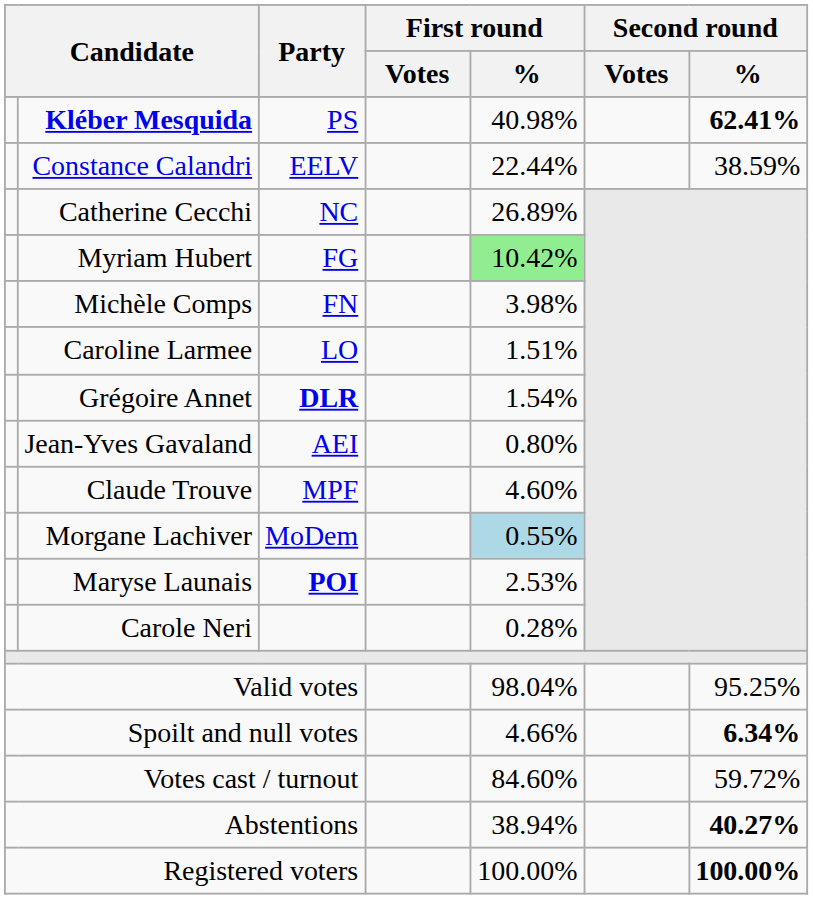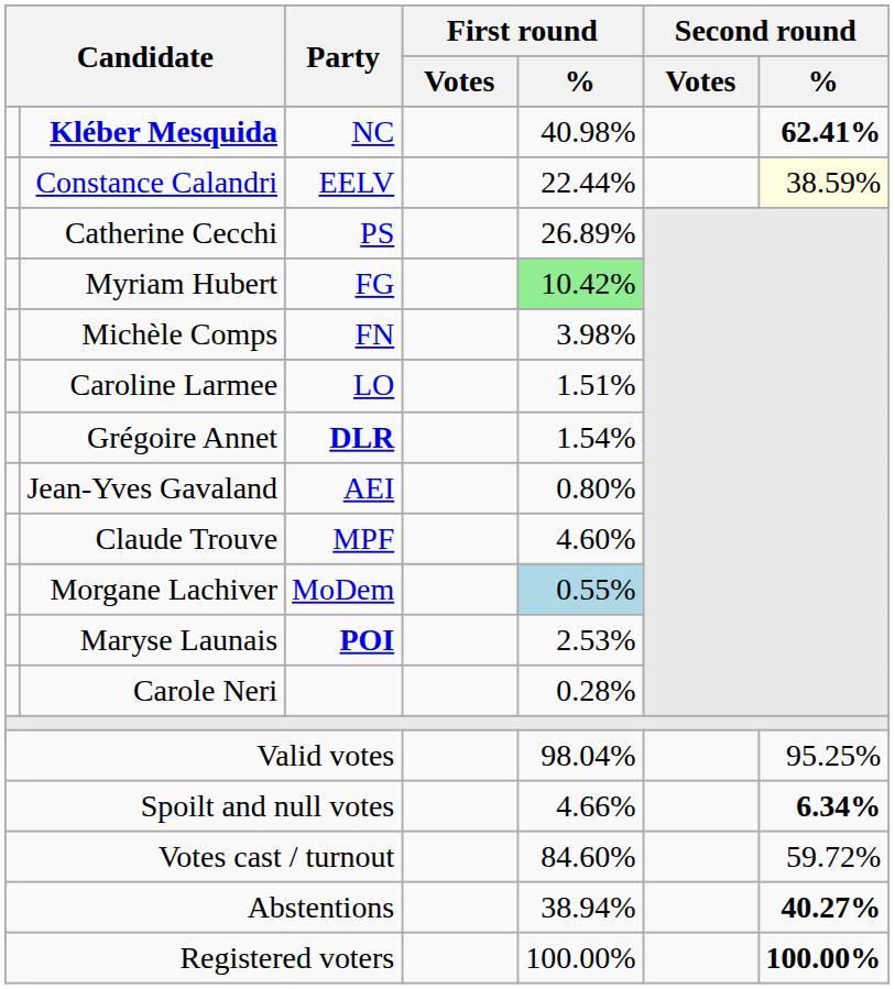 <table class="wikitable" style="text-align:right;font-size:95%;">
 <tr>
 <th rowspan=2 colspan=2>Candidate</th>
 <th rowspan=2 colspan=1>Party</th>
 <th colspan=2>First round</th>
 <th colspan=2>Second round</th>
 </tr>
 <tr>
 <th style="width:50px;">Votes</th>
 <th style="width:55px;">%</th>
 <th style="width:50px;">Votes</th>
 <th style="width:55px;">%</th>
 </tr>
 <tr>
 <td style="color:inherit;background-color:"></td>
 <td><strong><a href='#'>Kléber Mesquida</a></strong></td>
-<td><a href='#'>PS</a></td>
+<td><a href='#'>NC</a></td>
 <td></td>
 <td>40.98%</td>
 <td><strong></strong></td>
 <td><strong>62.41%</strong></td>
 </tr>
 <tr>
 <td style="color:inherit;background-color:"></td>
 <td><a href='#'>Constance Calandri</a></td>
 <td><a href='#'>EELV</a></td>
 <td></td>
 <td>22.44%</td>
 <td></td>
-<td>38.59%</td>
+<td style="background: lightyellow;">38.59%</td>
 </tr>
 <tr>
 <td style="color:inherit;background-color:"></td>
 <td>Catherine Cecchi</td>
-<td><a href='#'>NC</a></td>
+<td><a href='#'>PS</a></td>
 <td></td>
 <td>26.89%</td>
 <td colspan=7 rowspan=10 style="background-color:#E9E9E9;"></td>
 </tr>
 <tr>
 <td style="color:inherit;background-color:"></td>
 <td>Myriam Hubert</td>
 <td><a href='#'>FG</a></td>
 <td></td>
 <td style="background: lightgreen;">10.42%</td>
 </tr>
 <tr>
 <td style="color:inherit;background-color:"></td>
 <td>Michèle Comps</td>
 <td><a href='#'>FN</a></td>
 <td></td>
 <td>3.98%</td>
 </tr>
 <tr>
 <td style="color:inherit;background-color:"></td>
 <td>Caroline Larmee</td>
 <td><a href='#'>LO</a></td>
 <td></td>
 <td>1.51%</td>
 </tr>
 <tr>
 <td style="color:inherit;background-color:"></td>
 <td>Grégoire Annet</td>
 <td><strong><a href='#'>DLR</a></strong></td>
 <td></td>
 <td>1.54%</td>
 </tr>
 <tr>
 <td style="color:inherit;background-color:"></td>
 <td>Jean-Yves Gavaland</td>
 <td><a href='#'>AEI</a></td>
 <td></td>
 <td>0.80%</td>
 </tr>
 <tr>
 <td style="color:inherit;background-color:"></td>
 <td>Claude Trouve</td>
 <td><a href='#'>MPF</a></td>
 <td></td>
 <td>4.60%</td>
 </tr>
 <tr>
 <td style="color:inherit;background-color:"></td>
 <td>Morgane Lachiver</td>
 <td><a href='#'>MoDem</a></td>
 <td></td>
 <td style="background: lightblue;">0.55%</td>
 </tr>
 <tr>
 <td style="color:inherit;background-color:"></td>
 <td>Maryse Launais</td>
 <td><strong><a href='#'>POI</a></strong></td>
 <td></td>
 <td>2.53%</td>
 </tr>
 <tr>
 <td style="background-color:;"></td>
 <td>Carole Neri</td>
 <td></td>
 <td></td>
 <td>0.28%</td>
 </tr>
 <tr>
 <td colspan=7 style="background-color:#E9E9E9;"></td>
 </tr>
 <tr>
 <td colspan=3>Valid votes</td>
 <td></td>
 <td>98.04%</td>
 <td></td>
 <td>95.25%</td>
 </tr>
 <tr>
 <td colspan=3>Spoilt and null votes</td>
 <td></td>
 <td>4.66%</td>
 <td></td>
 <td><strong>6.34%</strong></td>
 </tr>
 <tr>
 <td colspan=3>Votes cast / turnout</td>
 <td></td>
 <td>84.60%</td>
 <td></td>
 <td>59.72%</td>
 </tr>
 <tr>
 <td colspan=3>Abstentions</td>
 <td></td>
 <td>38.94%</td>
 <td></td>
 <td><strong>40.27%</strong></td>
 </tr>
 <tr>
 <td colspan=3>Registered voters</td>
 <td></td>
 <td>100.00%</td>
 <td></td>
 <td><strong>100.00%</strong></td>
 </tr>
 </table>
